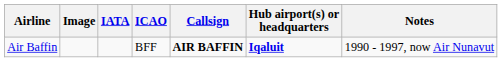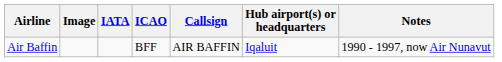 <table class="wikitable sortable" style="border: 0; cellpadding: 2; cellspacing: 3;">
 <tr style="vertical-align:middle;">
 <th>Airline</th>
 <th>Image</th>
 <th><a href='#'>IATA</a></th>
 <th><a href='#'>ICAO</a></th>
 <th><a href='#'>Callsign</a></th>
 <th>Hub airport(s) or<br>headquarters</th>
 <th class="unsortable">Notes</th>
 </tr>
 <tr>
 <td><a href='#'>Air Baffin</a></td>
 <td></td>
 <td></td>
 <td>BFF</td>
-<td><strong>AIR BAFFIN</strong></td>
-<td><strong><a href='#'>Iqaluit</a></strong></td>
+<td>AIR BAFFIN</td>
+<td><a href='#'>Iqaluit</a></td>
 <td>1990 - 1997, now <a href='#'>Air Nunavut</a></td>
 </tr>
 <tr>
 </tr>
 </table>
